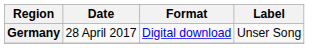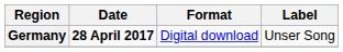 <table class="wikitable sortable plainrowheaders" style="text-align:center">
 <tr>
 <th>Region</th>
 <th>Date</th>
 <th>Format</th>
 <th>Label</th>
 </tr>
 <tr>
 <th scope="row">Germany</th>
-<td>28 April 2017</td>
+<td><strong>28 April 2017</strong></td>
 <td><a href='#'>Digital download</a></td>
 <td>Unser Song</td>
 </tr>
 <tr>
 </tr>
 </table>
